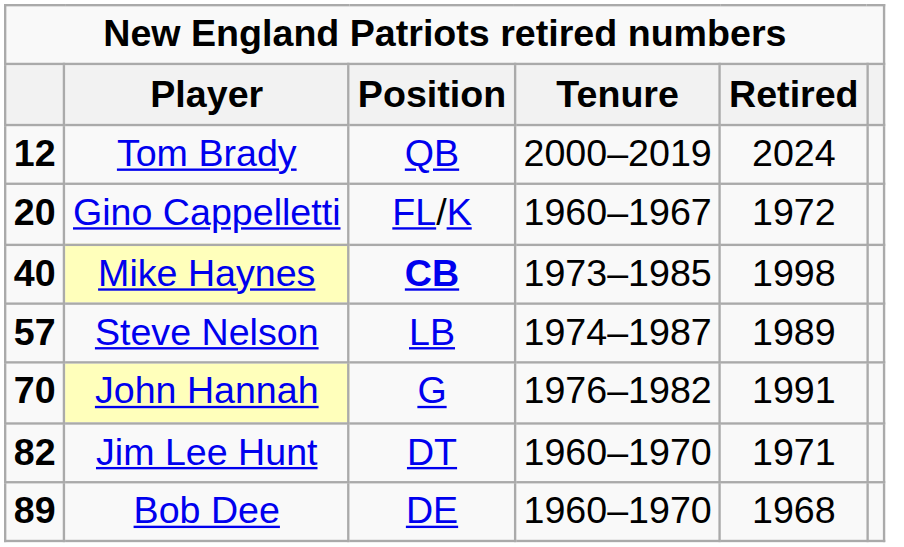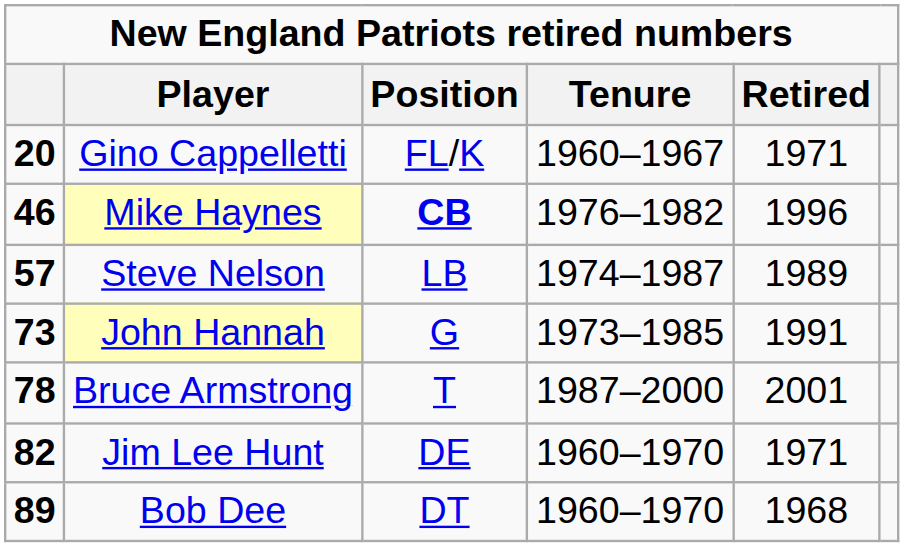 <table class="wikitable sortable" style="text-align:center">
 <tr>
 <td colspan="6"><strong>New England Patriots retired numbers</strong></td>
 </tr>
 <tr>
 <th scope="col"></th>
 <th scope="col">Player</th>
 <th scope="col">Position</th>
 <th scope="col">Tenure</th>
 <th scope="col">Retired</th>
 <th scope="col"></th>
 </tr>
 <tr>
-<td><strong>12</strong></td>
-<td><a href='#'>Tom Brady</a></td>
-<td><a href='#'>QB</a></td>
-<td>2000–2019</td>
-<td>2024</td>
-<td></td>
-</tr>
-<tr>
 <td><strong>20</strong></td>
 <td><a href='#'>Gino Cappelletti</a></td>
 <td><a href='#'>FL</a>/<a href='#'>K</a></td>
 <td>1960–1967</td>
-<td>1972</td>
+<td>1971</td>
 <td></td>
 </tr>
 <tr>
-<td><strong>40</strong></td>
+<td><strong>46</strong></td>
 <td style="background:#ffb"><a href='#'>Mike Haynes</a></td>
 <td><strong><a href='#'>CB</a></strong></td>
-<td>1973–1985</td>
-<td>1998</td>
+<td>1976–1982</td>
+<td>1996</td>
 <td></td>
 </tr>
 <tr>
 <td><strong>57</strong></td>
 <td><a href='#'>Steve Nelson</a></td>
 <td><a href='#'>LB</a></td>
 <td>1974–1987</td>
 <td>1989</td>
 <td></td>
 </tr>
 <tr>
-<td><strong>70</strong></td>
+<td><strong>73</strong></td>
 <td style="background:#ffb"><a href='#'>John Hannah</a></td>
 <td><a href='#'>G</a></td>
-<td>1976–1982</td>
+<td>1973–1985</td>
 <td>1991</td>
+<td></td>
+</tr>
+<tr>
+<td><strong>78</strong></td>
+<td><a href='#'>Bruce Armstrong</a></td>
+<td><a href='#'>T</a></td>
+<td>1987–2000</td>
+<td>2001</td>
 <td></td>
 </tr>
 <tr>
 <td><strong>82</strong></td>
 <td><a href='#'>Jim Lee Hunt</a></td>
-<td><a href='#'>DT</a></td>
+<td><a href='#'> DE</a></td>
 <td>1960–1970</td>
 <td>1971</td>
 <td></td>
 </tr>
 <tr>
 <td><strong>89</strong></td>
 <td><a href='#'>Bob Dee</a></td>
-<td><a href='#'> DE</a></td>
+<td><a href='#'>DT</a></td>
 <td>1960–1970</td>
 <td>1968</td>
 <td></td>
 </tr>
 </table>
